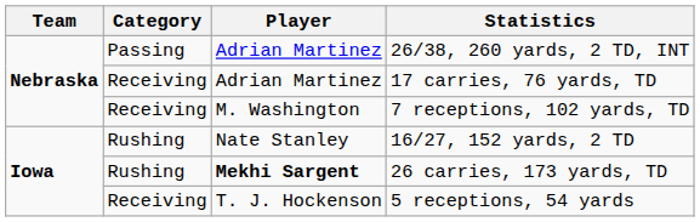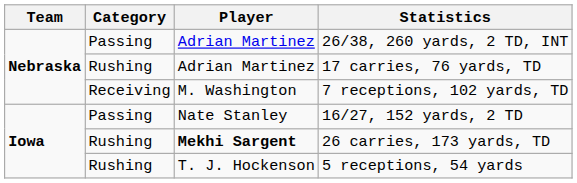 <table class="wikitable" style="float: left;">
 <tr>
 <th>Team</th>
 <th>Category</th>
 <th>Player</th>
 <th>Statistics</th>
 </tr>
 <tr>
 <td rowspan=3><strong>Nebraska</strong></td>
 <td>Passing</td>
 <td><a href='#'>Adrian Martinez</a></td>
 <td>26/38, 260 yards, 2 TD, INT</td>
 </tr>
 <tr>
-<td>Receiving</td>
+<td>Rushing</td>
 <td>Adrian Martinez</td>
 <td>17 carries, 76 yards, TD</td>
 </tr>
 <tr>
 <td>Receiving</td>
 <td>M. Washington</td>
 <td>7 receptions, 102 yards, TD</td>
 </tr>
 <tr>
 <td rowspan=3><strong>Iowa</strong></td>
-<td>Rushing</td>
+<td>Passing</td>
 <td>Nate Stanley</td>
 <td>16/27, 152 yards, 2 TD</td>
 </tr>
 <tr>
 <td>Rushing</td>
 <td><strong>Mekhi Sargent</strong></td>
 <td>26 carries, 173 yards, TD</td>
 </tr>
 <tr>
-<td>Receiving</td>
+<td>Rushing</td>
 <td>T. J. Hockenson</td>
 <td>5 receptions, 54 yards</td>
 </tr>
 </table>
